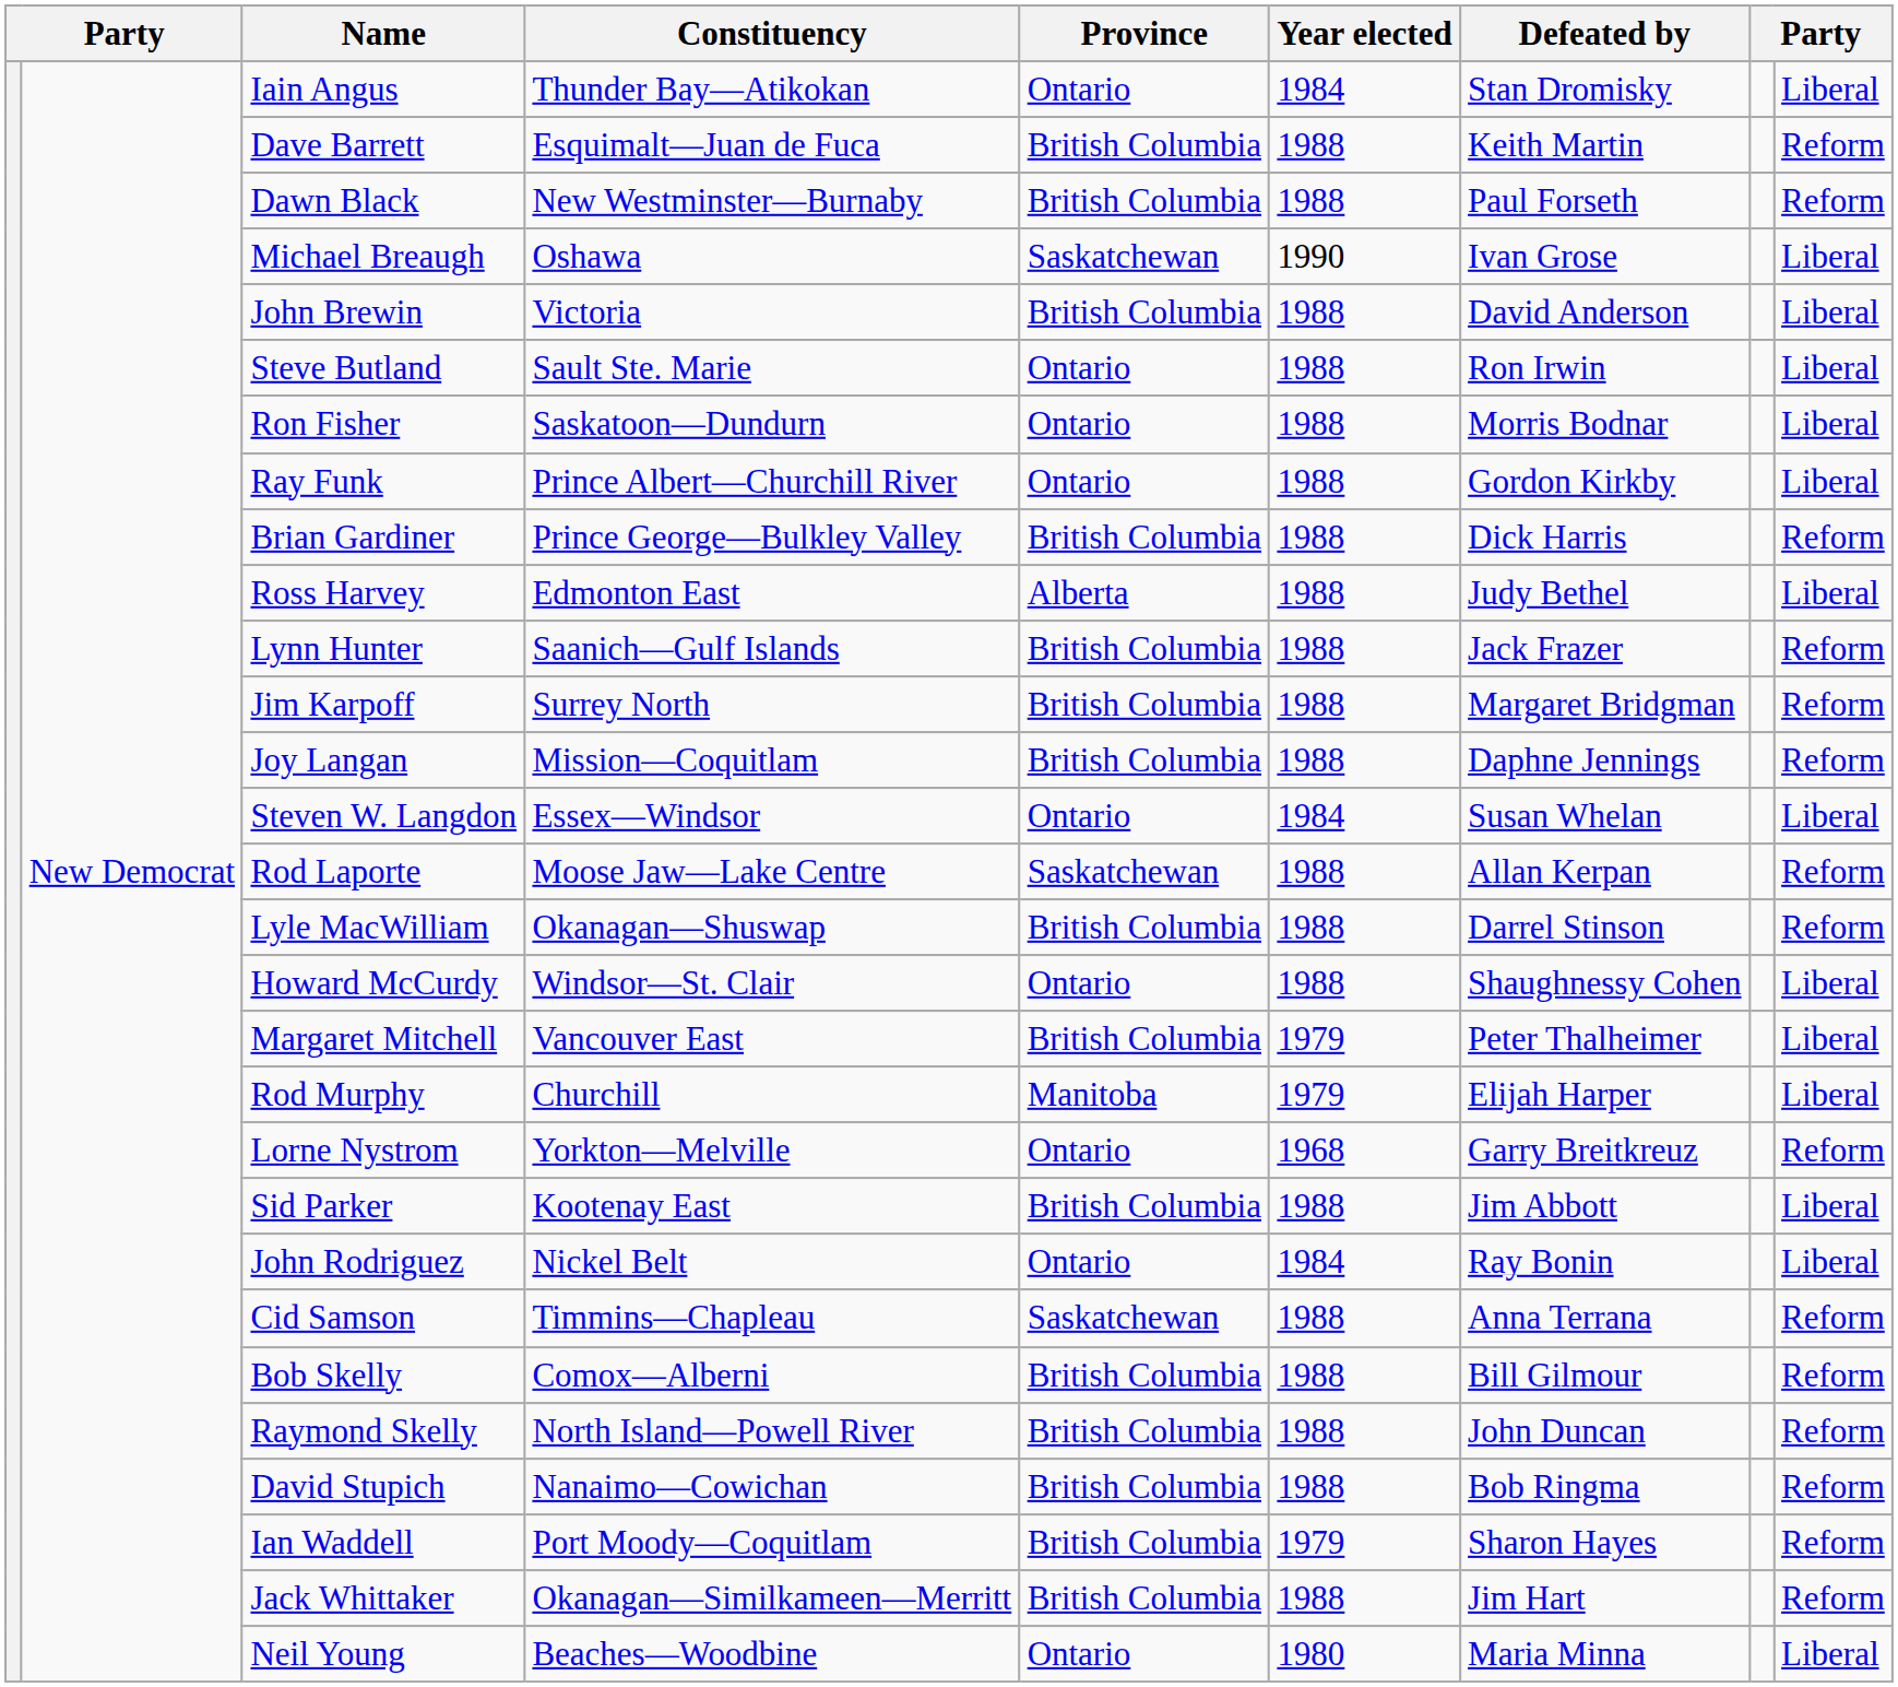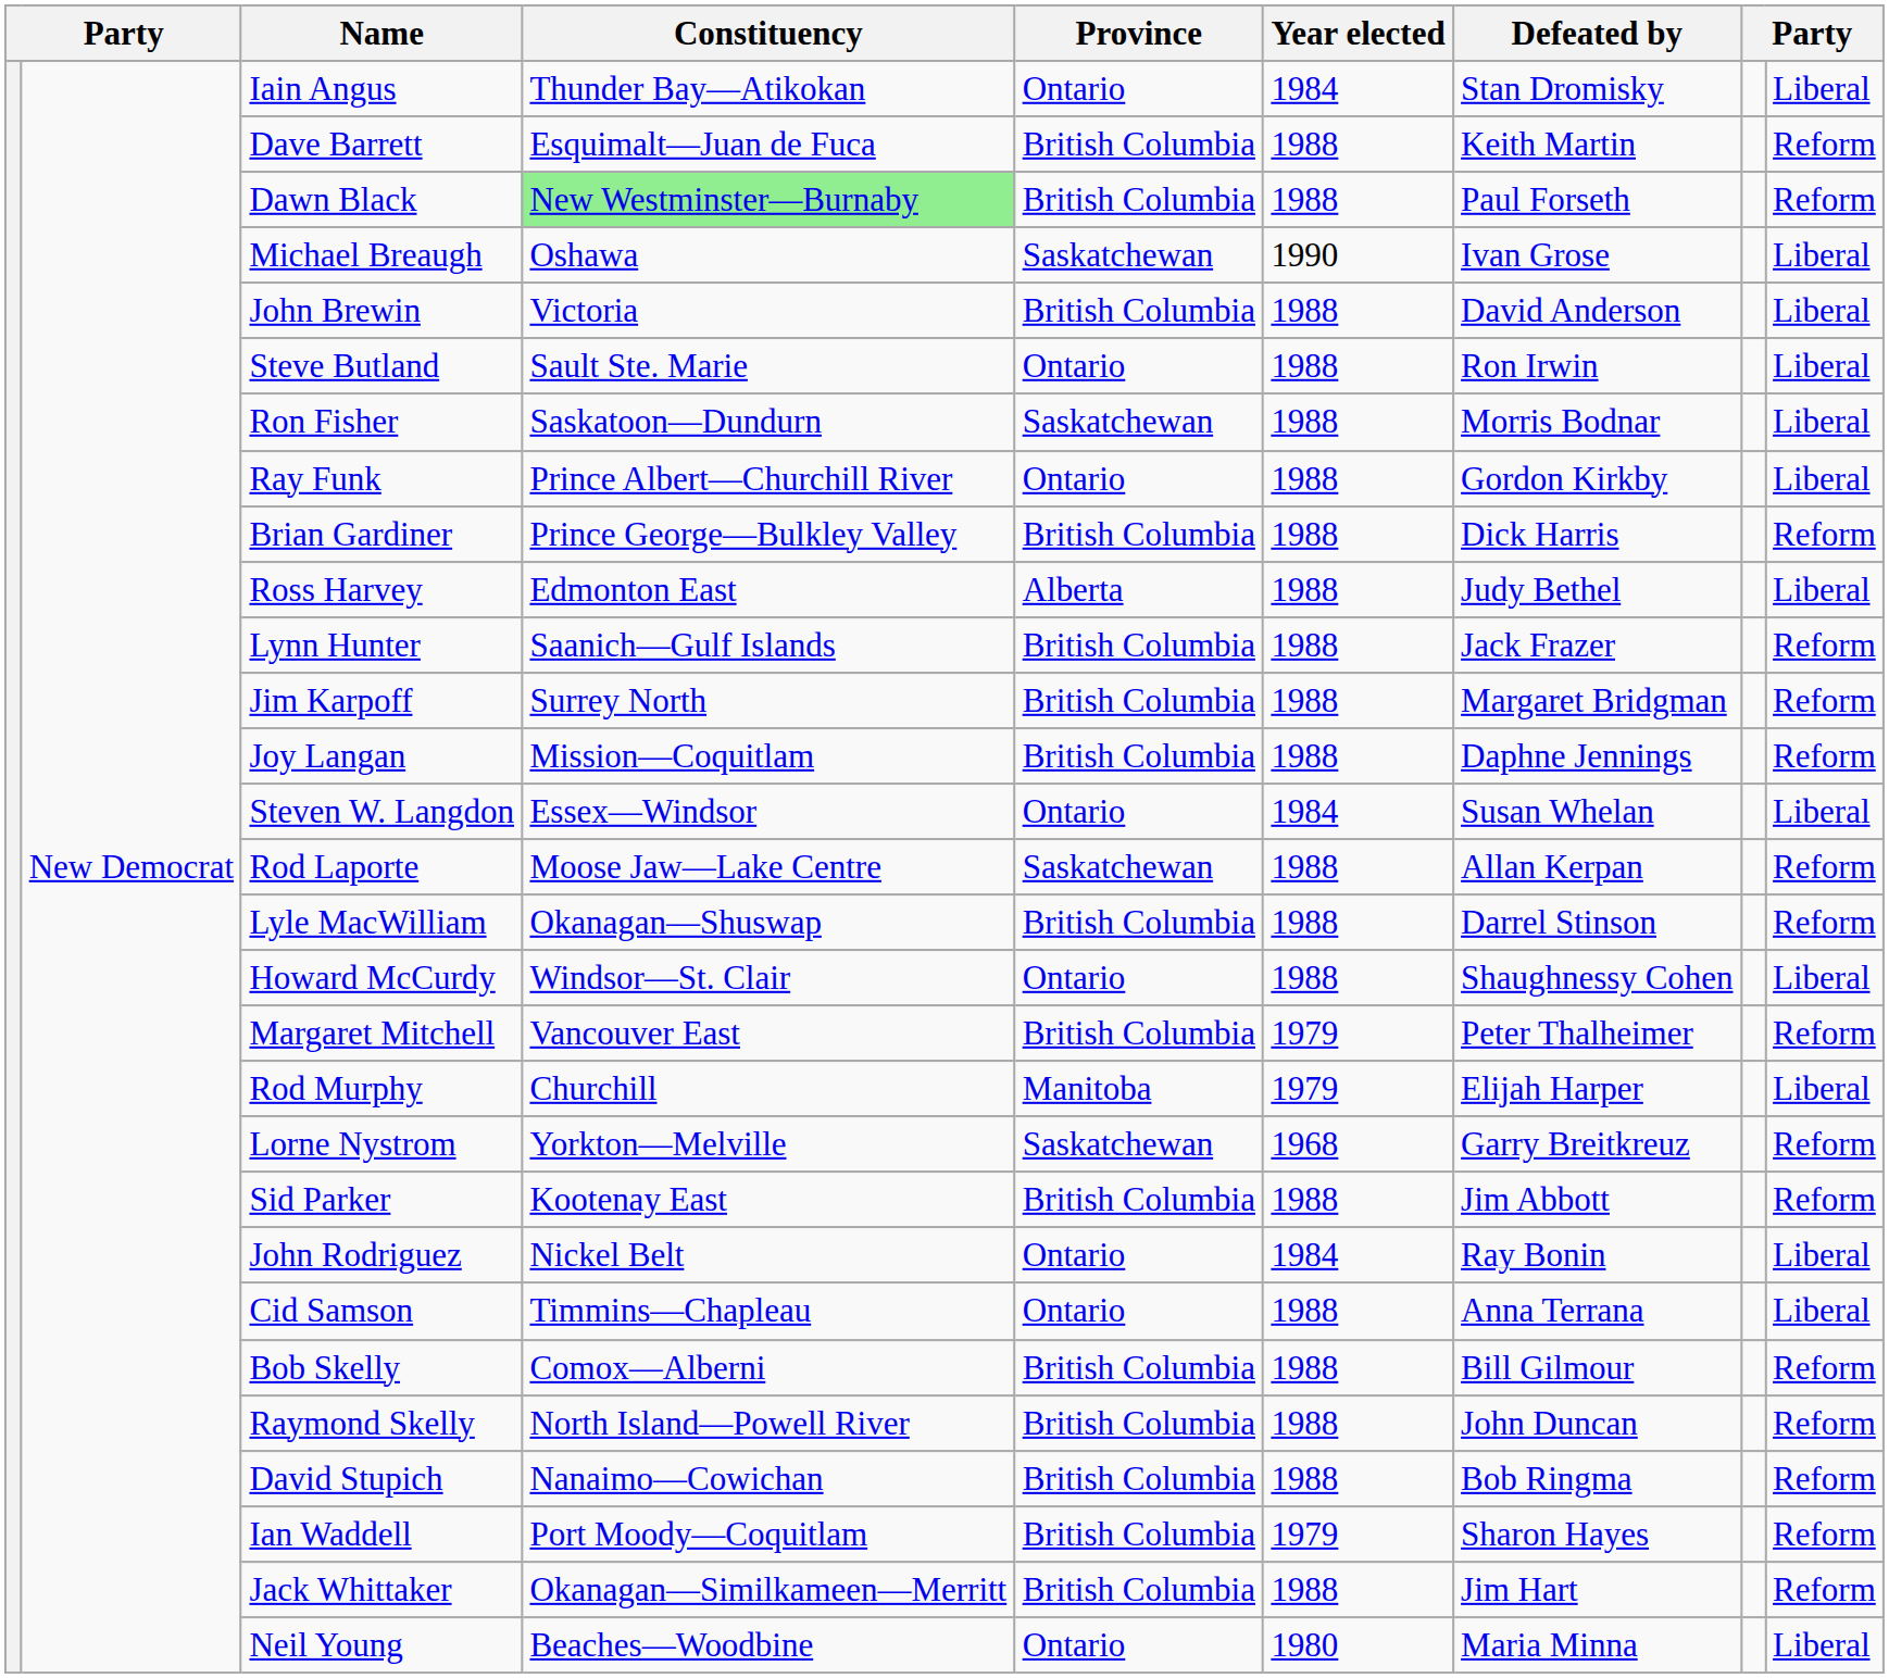 <table class="wikitable sortable" style="font-size: 95%;">
 <tr>
 <th colspan="2">Party</th>
 <th>Name</th>
 <th>Constituency</th>
 <th>Province</th>
 <th>Year elected</th>
 <th>Defeated by</th>
 <th colspan="2">Party</th>
 </tr>
 <tr>
 <th rowspan="29" style="background-color: "></th>
 <td rowspan="50"><a href='#'>New Democrat</a></td>
 <td><a href='#'>Iain Angus</a></td>
 <td><a href='#'>Thunder Bay—Atikokan</a></td>
 <td><a href='#'>Ontario</a></td>
 <td><a href='#'>1984</a></td>
 <td><a href='#'>Stan Dromisky</a></td>
 <td> </td>
 <td><a href='#'>Liberal</a></td>
 </tr>
 <tr>
 <td><a href='#'>Dave Barrett</a></td>
 <td><a href='#'>Esquimalt—Juan de Fuca</a></td>
 <td><a href='#'>British Columbia</a></td>
 <td><a href='#'>1988</a></td>
 <td><a href='#'>Keith Martin</a></td>
 <td style="background-color: "></td>
 <td><a href='#'>Reform</a></td>
 </tr>
 <tr>
 <td><a href='#'>Dawn Black</a></td>
-<td><a href='#'>New Westminster—Burnaby</a></td>
+<td style="background: lightgreen;"><a href='#'>New Westminster—Burnaby</a></td>
 <td><a href='#'>British Columbia</a></td>
 <td><a href='#'>1988</a></td>
 <td><a href='#'>Paul Forseth</a></td>
 <td style="background-color: "></td>
 <td><a href='#'>Reform</a></td>
 </tr>
 <tr>
 <td><a href='#'>Michael Breaugh</a></td>
 <td><a href='#'>Oshawa</a></td>
 <td><a href='#'>Saskatchewan</a></td>
 <td>1990</td>
 <td><a href='#'>Ivan Grose</a></td>
 <td> </td>
 <td><a href='#'>Liberal</a></td>
 </tr>
 <tr>
 <td><a href='#'>John Brewin</a></td>
 <td><a href='#'>Victoria</a></td>
 <td><a href='#'>British Columbia</a></td>
 <td><a href='#'>1988</a></td>
 <td><a href='#'>David Anderson</a></td>
 <td> </td>
 <td><a href='#'>Liberal</a></td>
 </tr>
 <tr>
 <td><a href='#'>Steve Butland</a></td>
 <td><a href='#'>Sault Ste. Marie</a></td>
 <td><a href='#'>Ontario</a></td>
 <td><a href='#'>1988</a></td>
 <td><a href='#'>Ron Irwin</a></td>
 <td> </td>
 <td><a href='#'>Liberal</a></td>
 </tr>
 <tr>
 <td><a href='#'>Ron Fisher</a></td>
 <td><a href='#'>Saskatoon—Dundurn</a></td>
-<td><a href='#'>Ontario</a></td>
+<td><a href='#'>Saskatchewan</a></td>
 <td><a href='#'>1988</a></td>
 <td><a href='#'>Morris Bodnar</a></td>
 <td> </td>
 <td><a href='#'>Liberal</a></td>
 </tr>
 <tr>
 <td><a href='#'>Ray Funk</a></td>
 <td><a href='#'>Prince Albert—Churchill River</a></td>
 <td><a href='#'>Ontario</a></td>
 <td><a href='#'>1988</a></td>
 <td><a href='#'>Gordon Kirkby</a></td>
 <td> </td>
 <td><a href='#'>Liberal</a></td>
 </tr>
 <tr>
 <td><a href='#'>Brian Gardiner</a></td>
 <td><a href='#'>Prince George—Bulkley Valley</a></td>
 <td><a href='#'>British Columbia</a></td>
 <td><a href='#'>1988</a></td>
 <td><a href='#'>Dick Harris</a></td>
 <td style="background-color: "></td>
 <td><a href='#'>Reform</a></td>
 </tr>
 <tr>
 <td><a href='#'>Ross Harvey</a></td>
 <td><a href='#'>Edmonton East</a></td>
 <td><a href='#'>Alberta</a></td>
 <td><a href='#'>1988</a></td>
 <td><a href='#'>Judy Bethel</a></td>
 <td> </td>
 <td><a href='#'>Liberal</a></td>
 </tr>
 <tr>
 <td><a href='#'>Lynn Hunter</a></td>
 <td><a href='#'>Saanich—Gulf Islands</a></td>
 <td><a href='#'>British Columbia</a></td>
 <td><a href='#'>1988</a></td>
 <td><a href='#'>Jack Frazer</a></td>
 <td style="background-color: "></td>
 <td><a href='#'>Reform</a></td>
 </tr>
 <tr>
 <td><a href='#'>Jim Karpoff</a></td>
 <td><a href='#'>Surrey North</a></td>
 <td><a href='#'>British Columbia</a></td>
 <td><a href='#'>1988</a></td>
 <td><a href='#'>Margaret Bridgman</a></td>
 <td style="background-color: "></td>
 <td><a href='#'>Reform</a></td>
 </tr>
 <tr>
 <td><a href='#'>Joy Langan</a></td>
 <td><a href='#'>Mission—Coquitlam</a></td>
 <td><a href='#'>British Columbia</a></td>
 <td><a href='#'>1988</a></td>
 <td><a href='#'>Daphne Jennings</a></td>
 <td style="background-color: "></td>
 <td><a href='#'>Reform</a></td>
 </tr>
 <tr>
 <td><a href='#'>Steven W. Langdon</a></td>
 <td><a href='#'>Essex—Windsor</a></td>
 <td><a href='#'>Ontario</a></td>
 <td><a href='#'>1984</a></td>
 <td><a href='#'>Susan Whelan</a></td>
 <td> </td>
 <td><a href='#'>Liberal</a></td>
 </tr>
 <tr>
 <td><a href='#'>Rod Laporte</a></td>
 <td><a href='#'>Moose Jaw—Lake Centre</a></td>
 <td><a href='#'>Saskatchewan</a></td>
 <td><a href='#'>1988</a></td>
 <td><a href='#'>Allan Kerpan</a></td>
 <td style="background-color: "></td>
 <td><a href='#'>Reform</a></td>
 </tr>
 <tr>
 <td><a href='#'>Lyle MacWilliam</a></td>
 <td><a href='#'>Okanagan—Shuswap</a></td>
 <td><a href='#'>British Columbia</a></td>
 <td><a href='#'>1988</a></td>
 <td><a href='#'>Darrel Stinson</a></td>
 <td style="background-color: "></td>
 <td><a href='#'>Reform</a></td>
 </tr>
 <tr>
 <td><a href='#'>Howard McCurdy</a></td>
 <td><a href='#'>Windsor—St. Clair</a></td>
 <td><a href='#'>Ontario</a></td>
 <td><a href='#'>1988</a></td>
 <td><a href='#'>Shaughnessy Cohen</a></td>
 <td> </td>
 <td><a href='#'>Liberal</a></td>
 </tr>
 <tr>
 <td><a href='#'>Margaret Mitchell</a></td>
 <td><a href='#'>Vancouver East</a></td>
 <td><a href='#'>British Columbia</a></td>
 <td><a href='#'>1979</a></td>
 <td><a href='#'>Peter Thalheimer</a></td>
 <td> </td>
-<td><a href='#'>Liberal</a></td>
+<td><a href='#'>Reform</a></td>
 </tr>
 <tr>
 <td><a href='#'>Rod Murphy</a></td>
 <td><a href='#'>Churchill</a></td>
 <td><a href='#'>Manitoba</a></td>
 <td><a href='#'>1979</a></td>
 <td><a href='#'>Elijah Harper</a></td>
 <td> </td>
 <td><a href='#'>Liberal</a></td>
 </tr>
 <tr>
 <td><a href='#'>Lorne Nystrom</a></td>
 <td><a href='#'>Yorkton—Melville</a></td>
-<td><a href='#'>Ontario</a></td>
+<td><a href='#'>Saskatchewan</a></td>
 <td><a href='#'>1968</a></td>
 <td><a href='#'>Garry Breitkreuz</a></td>
 <td style="background-color: "></td>
 <td><a href='#'>Reform</a></td>
 </tr>
 <tr>
 <td><a href='#'>Sid Parker</a></td>
 <td><a href='#'>Kootenay East</a></td>
 <td><a href='#'>British Columbia</a></td>
 <td><a href='#'>1988</a></td>
 <td><a href='#'>Jim Abbott</a></td>
 <td style="background-color: "></td>
-<td><a href='#'>Liberal</a></td>
+<td><a href='#'>Reform</a></td>
 </tr>
 <tr>
 <td><a href='#'>John Rodriguez</a></td>
 <td><a href='#'>Nickel Belt</a></td>
 <td><a href='#'>Ontario</a></td>
 <td><a href='#'>1984</a></td>
 <td><a href='#'>Ray Bonin</a></td>
 <td> </td>
 <td><a href='#'>Liberal</a></td>
 </tr>
 <tr>
 <td><a href='#'>Cid Samson</a></td>
 <td><a href='#'>Timmins—Chapleau</a></td>
-<td><a href='#'>Saskatchewan</a></td>
+<td><a href='#'>Ontario</a></td>
 <td><a href='#'>1988</a></td>
 <td><a href='#'>Anna Terrana</a></td>
 <td> </td>
-<td><a href='#'>Reform</a></td>
+<td><a href='#'>Liberal</a></td>
 </tr>
 <tr>
 <td><a href='#'>Bob Skelly</a></td>
 <td><a href='#'>Comox—Alberni</a></td>
 <td><a href='#'>British Columbia</a></td>
 <td><a href='#'>1988</a></td>
 <td><a href='#'>Bill Gilmour</a></td>
 <td style="background-color: "></td>
 <td><a href='#'>Reform</a></td>
 </tr>
 <tr>
 <td><a href='#'>Raymond Skelly</a></td>
 <td><a href='#'>North Island—Powell River</a></td>
 <td><a href='#'>British Columbia</a></td>
 <td><a href='#'>1988</a></td>
 <td><a href='#'>John Duncan</a></td>
 <td style="background-color: "></td>
 <td><a href='#'>Reform</a></td>
 </tr>
 <tr>
 <td><a href='#'>David Stupich</a></td>
 <td><a href='#'>Nanaimo—Cowichan</a></td>
 <td><a href='#'>British Columbia</a></td>
 <td><a href='#'>1988</a></td>
 <td><a href='#'>Bob Ringma</a></td>
 <td style="background-color: "></td>
 <td><a href='#'>Reform</a></td>
 </tr>
 <tr>
 <td><a href='#'>Ian Waddell</a></td>
 <td><a href='#'>Port Moody—Coquitlam</a></td>
 <td><a href='#'>British Columbia</a></td>
 <td><a href='#'>1979</a></td>
 <td><a href='#'>Sharon Hayes</a></td>
 <td style="background-color: "></td>
 <td><a href='#'>Reform</a></td>
 </tr>
 <tr>
 <td><a href='#'>Jack Whittaker</a></td>
 <td><a href='#'>Okanagan—Similkameen—Merritt</a></td>
 <td><a href='#'>British Columbia</a></td>
 <td><a href='#'>1988</a></td>
 <td><a href='#'>Jim Hart</a></td>
 <td style="background-color: "></td>
 <td><a href='#'>Reform</a></td>
 </tr>
 <tr>
 <td><a href='#'>Neil Young</a></td>
 <td><a href='#'>Beaches—Woodbine</a></td>
 <td><a href='#'>Ontario</a></td>
 <td><a href='#'>1980</a></td>
 <td><a href='#'>Maria Minna</a></td>
 <td> </td>
 <td><a href='#'>Liberal</a></td>
 </tr>
 </table>
